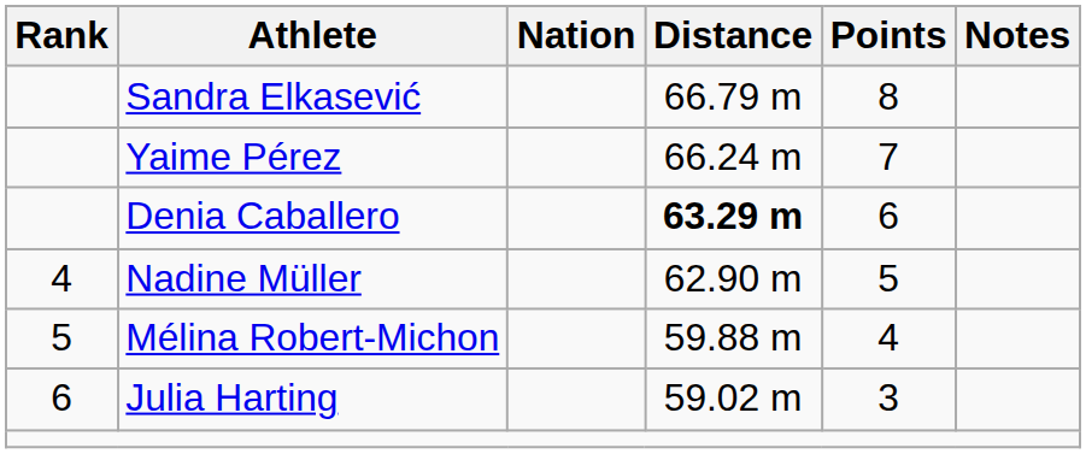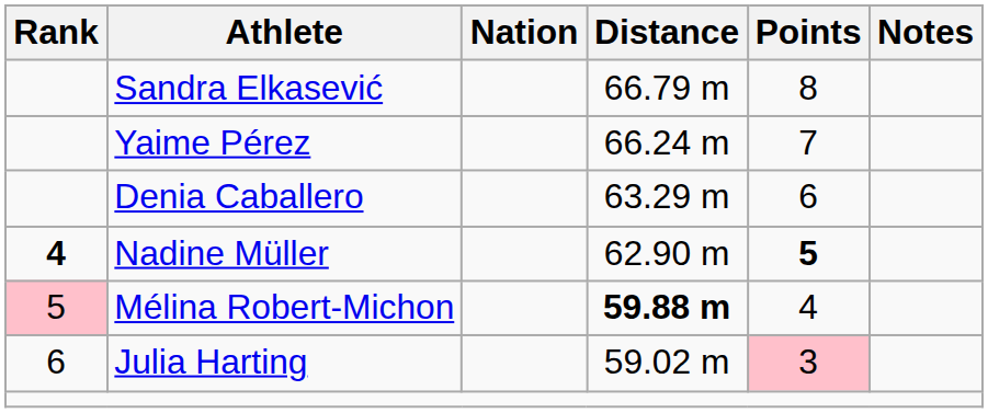 <table class="wikitable sortable" style="text-align:center;">
 <tr>
 <th scope="col" style="width: 10px;">Rank</th>
 <th scope="col">Athlete</th>
 <th scope="col">Nation</th>
 <th scope="col">Distance</th>
 <th scope="col">Points</th>
 <th scope="col">Notes</th>
 </tr>
 <tr>
 <td></td>
 <td align=left><a href='#'>Sandra Elkasević</a></td>
 <td align=left></td>
 <td>66.79 m</td>
 <td>8</td>
 <td></td>
 </tr>
 <tr>
 <td></td>
 <td align=left><a href='#'>Yaime Pérez</a></td>
 <td align=left></td>
 <td>66.24 m</td>
 <td>7</td>
 <td></td>
 </tr>
 <tr>
 <td></td>
 <td align=left><a href='#'>Denia Caballero</a></td>
 <td align=left></td>
-<td><strong>63.29 m</strong></td>
+<td>63.29 m</td>
 <td>6</td>
 <td></td>
 </tr>
 <tr>
-<td>4</td>
+<td><strong>4</strong></td>
 <td align=left><a href='#'>Nadine Müller</a></td>
 <td align=left></td>
 <td>62.90 m</td>
-<td>5</td>
+<td><strong>5</strong></td>
 <td></td>
 </tr>
 <tr>
-<td>5</td>
+<td style="background: pink;">5</td>
 <td align=left><a href='#'>Mélina Robert-Michon</a></td>
 <td align=left></td>
-<td>59.88 m</td>
+<td><strong>59.88 m</strong></td>
 <td>4</td>
 <td></td>
 </tr>
 <tr>
 <td>6</td>
 <td align=left><a href='#'>Julia Harting</a></td>
 <td align=left></td>
 <td>59.02 m</td>
-<td>3</td>
+<td style="background: pink;">3</td>
 <td></td>
 </tr>
 <tr class="sortbottom">
 <td colspan="6"></td>
 </tr>
 </table>
